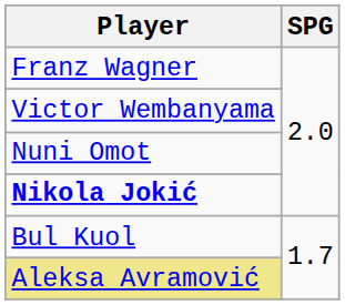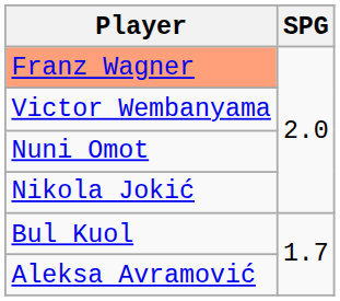 <table class="wikitable">
 <tr>
 <th>Player</th>
 <th>SPG</th>
 </tr>
 <tr>
-<td> <a href='#'>Franz Wagner</a></td>
+<td style="background: lightsalmon;"> <a href='#'>Franz Wagner</a></td>
 <td align=center rowspan=4>2.0</td>
 </tr>
 <tr>
 <td> <a href='#'>Victor Wembanyama</a></td>
 </tr>
 <tr>
 <td> <a href='#'>Nuni Omot</a></td>
 </tr>
 <tr>
-<td><strong> <a href='#'>Nikola Jokić</a></strong></td>
+<td> <a href='#'>Nikola Jokić</a></td>
 </tr>
 <tr>
 <td> <a href='#'>Bul Kuol</a></td>
 <td align=center rowspan=2>1.7</td>
 </tr>
 <tr>
-<td style="background: khaki;"> <a href='#'>Aleksa Avramović</a></td>
+<td> <a href='#'>Aleksa Avramović</a></td>
 </tr>
 </table>
